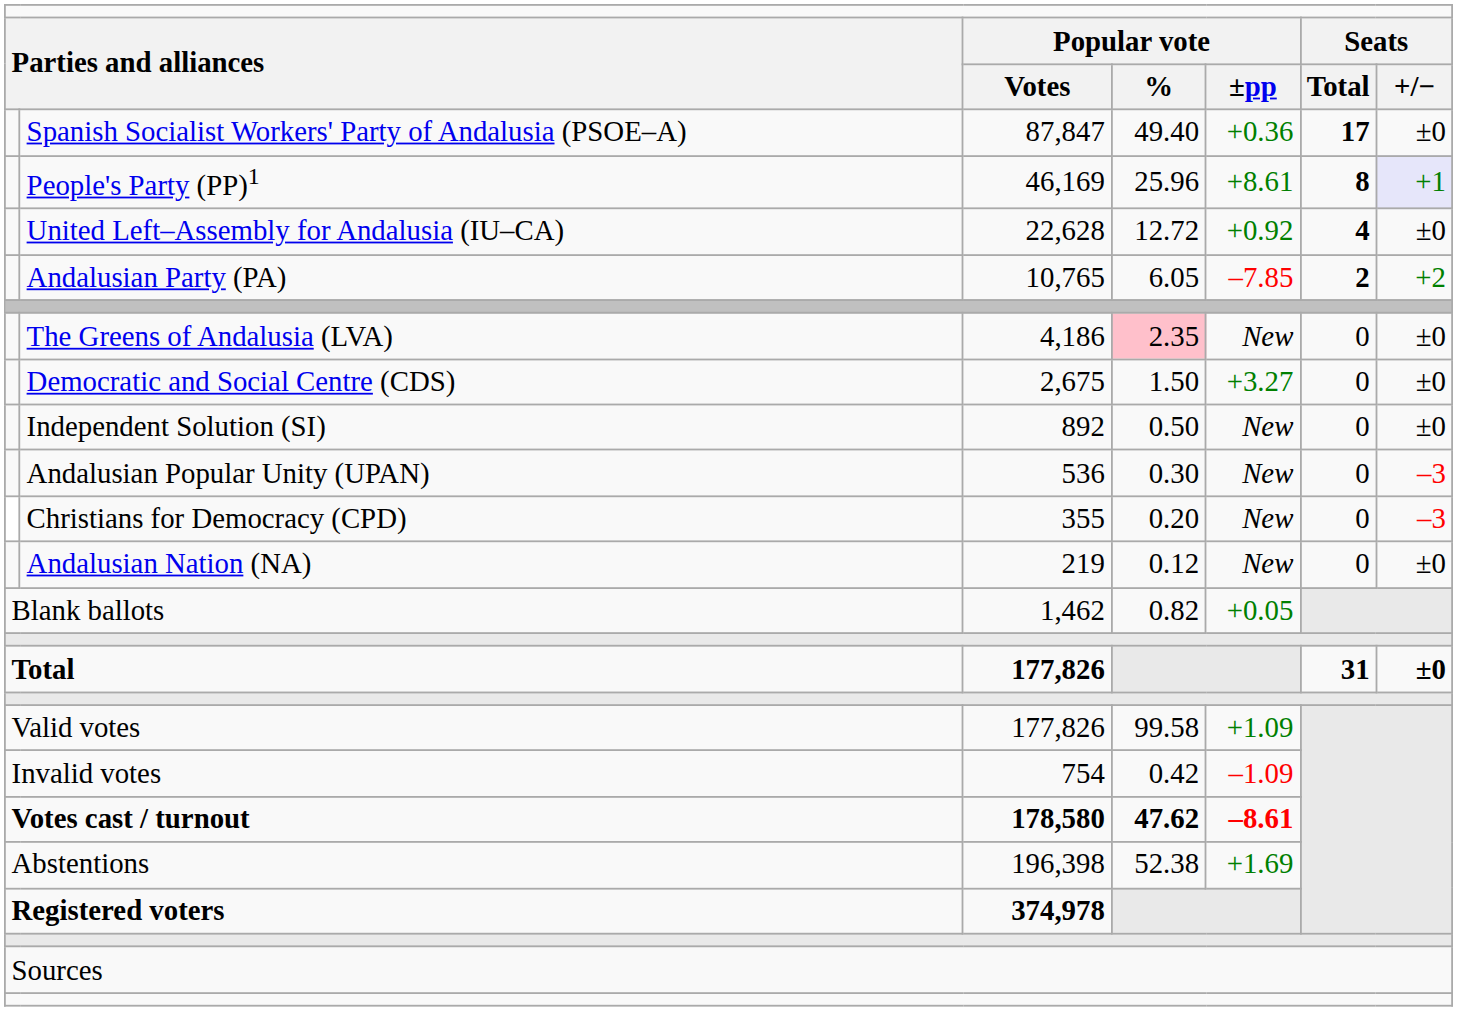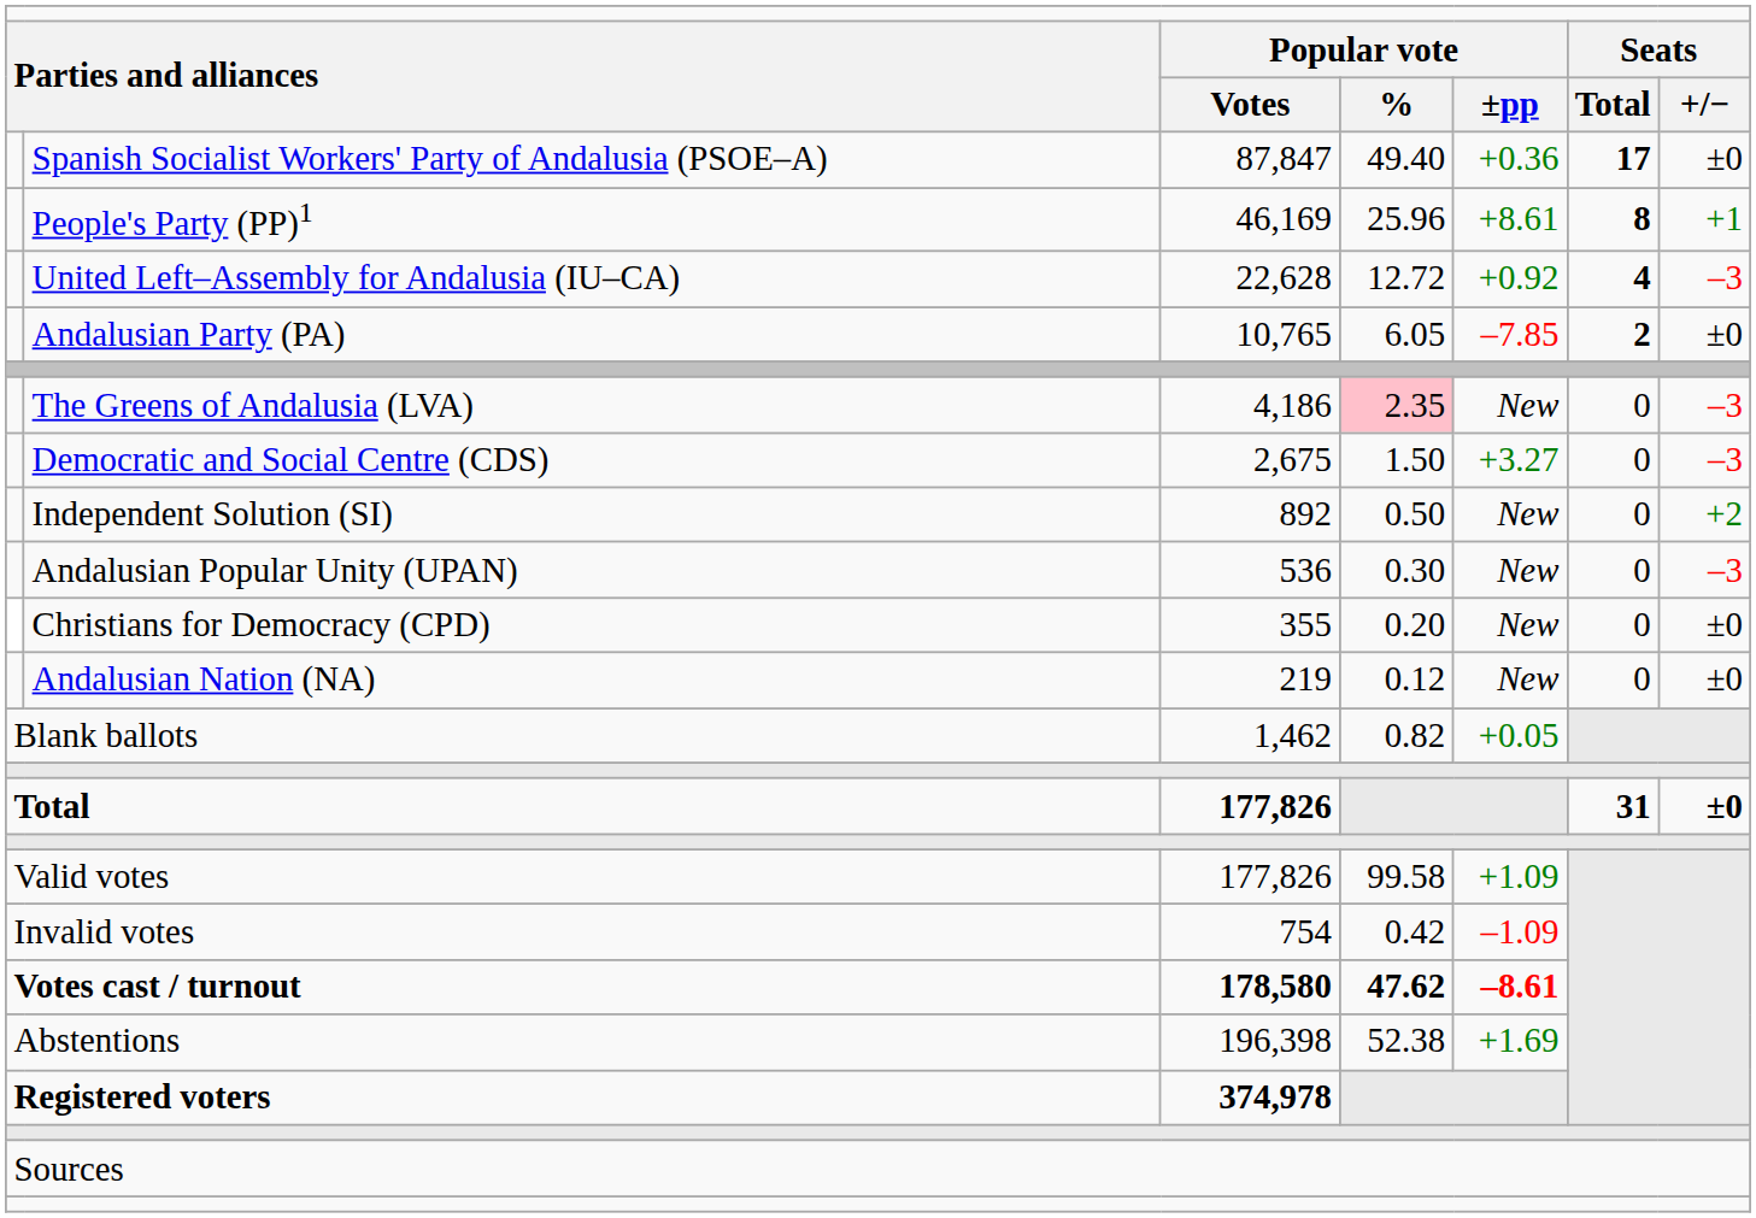 <table class="wikitable" style="text-align:right;">
 <tr>
 <td colspan="7"></td>
 </tr>
 <tr>
 <th style="text-align:left;" rowspan="2" colspan="2" width="525">Parties and alliances</th>
 <th colspan="3">Popular vote</th>
 <th colspan="2">Seats</th>
 </tr>
 <tr>
 <th width="75">Votes</th>
 <th width="45">%</th>
 <th width="45">±<a href='#'>pp</a></th>
 <th width="35">Total</th>
 <th width="35">+/−</th>
 </tr>
 <tr>
 <td width="1" style="color:inherit;background:"></td>
 <td align="left"><a href='#'>Spanish Socialist Workers' Party of Andalusia</a> (PSOE–A)</td>
 <td>87,847</td>
 <td>49.40</td>
 <td style="color:green;">+0.36</td>
 <td><strong>17</strong></td>
 <td>±0</td>
 </tr>
 <tr>
 <td style="color:inherit;background:"></td>
 <td align="left"><a href='#'>People's Party</a> (PP)<sup>1</sup></td>
 <td>46,169</td>
 <td>25.96</td>
 <td style="color:green;">+8.61</td>
 <td><strong>8</strong></td>
-<td style="background: lavender; color:green;">+1</td>
+<td style="color:green;">+1</td>
 </tr>
 <tr>
 <td style="color:inherit;background:"></td>
 <td align="left"><a href='#'>United Left–Assembly for Andalusia</a> (IU–CA)</td>
 <td>22,628</td>
 <td>12.72</td>
 <td style="color:green;">+0.92</td>
 <td><strong>4</strong></td>
-<td>±0</td>
+<td style="color:red;">–3</td>
 </tr>
 <tr>
 <td style="color:inherit;background:"></td>
 <td align="left"><a href='#'>Andalusian Party</a> (PA)</td>
 <td>10,765</td>
 <td>6.05</td>
 <td style="color:red;">–7.85</td>
 <td><strong>2</strong></td>
-<td style="color:green;">+2</td>
+<td>±0</td>
 </tr>
 <tr>
 <td colspan="7" bgcolor="#C0C0C0"></td>
 </tr>
 <tr>
 <td style="color:inherit;background:"></td>
 <td align="left"><a href='#'>The Greens of Andalusia</a> (LVA)</td>
 <td>4,186</td>
 <td style="background: pink;">2.35</td>
 <td><em>New</em></td>
 <td>0</td>
-<td>±0</td>
+<td style="color:red;">–3</td>
 </tr>
 <tr>
 <td style="color:inherit;background:"></td>
 <td align="left"><a href='#'>Democratic and Social Centre</a> (CDS)</td>
 <td>2,675</td>
 <td>1.50</td>
 <td style="color:green;">+3.27</td>
 <td>0</td>
-<td>±0</td>
+<td style="color:red;">–3</td>
 </tr>
 <tr>
 <td style="color:inherit;background:"></td>
 <td align="left">Independent Solution (SI)</td>
 <td>892</td>
 <td>0.50</td>
 <td><em>New</em></td>
 <td>0</td>
-<td>±0</td>
+<td style="color:green;">+2</td>
 </tr>
 <tr>
 <td style="color:inherit;background:"></td>
 <td align="left">Andalusian Popular Unity (UPAN)</td>
 <td>536</td>
 <td>0.30</td>
 <td><em>New</em></td>
 <td>0</td>
 <td style="color:red;">–3</td>
 </tr>
 <tr>
 <td bgcolor="white"></td>
 <td align="left">Christians for Democracy (CPD)</td>
 <td>355</td>
 <td>0.20</td>
 <td><em>New</em></td>
 <td>0</td>
-<td style="color:red;">–3</td>
+<td>±0</td>
 </tr>
 <tr>
 <td style="color:inherit;background:"></td>
 <td align="left"><a href='#'>Andalusian Nation</a> (NA)</td>
 <td>219</td>
 <td>0.12</td>
 <td><em>New</em></td>
 <td>0</td>
 <td>±0</td>
 </tr>
 <tr>
 <td align="left" colspan="2">Blank ballots</td>
 <td>1,462</td>
 <td>0.82</td>
 <td style="color:green;">+0.05</td>
 <td bgcolor="#E9E9E9" colspan="2"></td>
 </tr>
 <tr>
 <td colspan="7" bgcolor="#E9E9E9"></td>
 </tr>
 <tr style="font-weight:bold;">
 <td align="left" colspan="2">Total</td>
 <td>177,826</td>
 <td bgcolor="#E9E9E9" colspan="2"></td>
 <td>31</td>
 <td>±0</td>
 </tr>
 <tr>
 <td colspan="7" bgcolor="#E9E9E9"></td>
 </tr>
 <tr>
 <td align="left" colspan="2">Valid votes</td>
 <td>177,826</td>
 <td>99.58</td>
 <td style="color:green;">+1.09</td>
 <td bgcolor="#E9E9E9" colspan="2" rowspan="5"></td>
 </tr>
 <tr>
 <td align="left" colspan="2">Invalid votes</td>
 <td>754</td>
 <td>0.42</td>
 <td style="color:red;">–1.09</td>
 </tr>
 <tr style="font-weight:bold;">
 <td align="left" colspan="2">Votes cast / turnout</td>
 <td>178,580</td>
 <td>47.62</td>
 <td style="color:red;">–8.61</td>
 </tr>
 <tr>
 <td align="left" colspan="2">Abstentions</td>
 <td>196,398</td>
 <td>52.38</td>
 <td style="color:green;">+1.69</td>
 </tr>
 <tr style="font-weight:bold;">
 <td align="left" colspan="2">Registered voters</td>
 <td>374,978</td>
 <td bgcolor="#E9E9E9" colspan="2"></td>
 </tr>
 <tr>
 <td colspan="7" bgcolor="#E9E9E9"></td>
 </tr>
 <tr>
 <td align="left" colspan="7">Sources</td>
 </tr>
 <tr>
 <td colspan="7" style="text-align:left; max-width:790px;"></td>
 </tr>
 </table>
